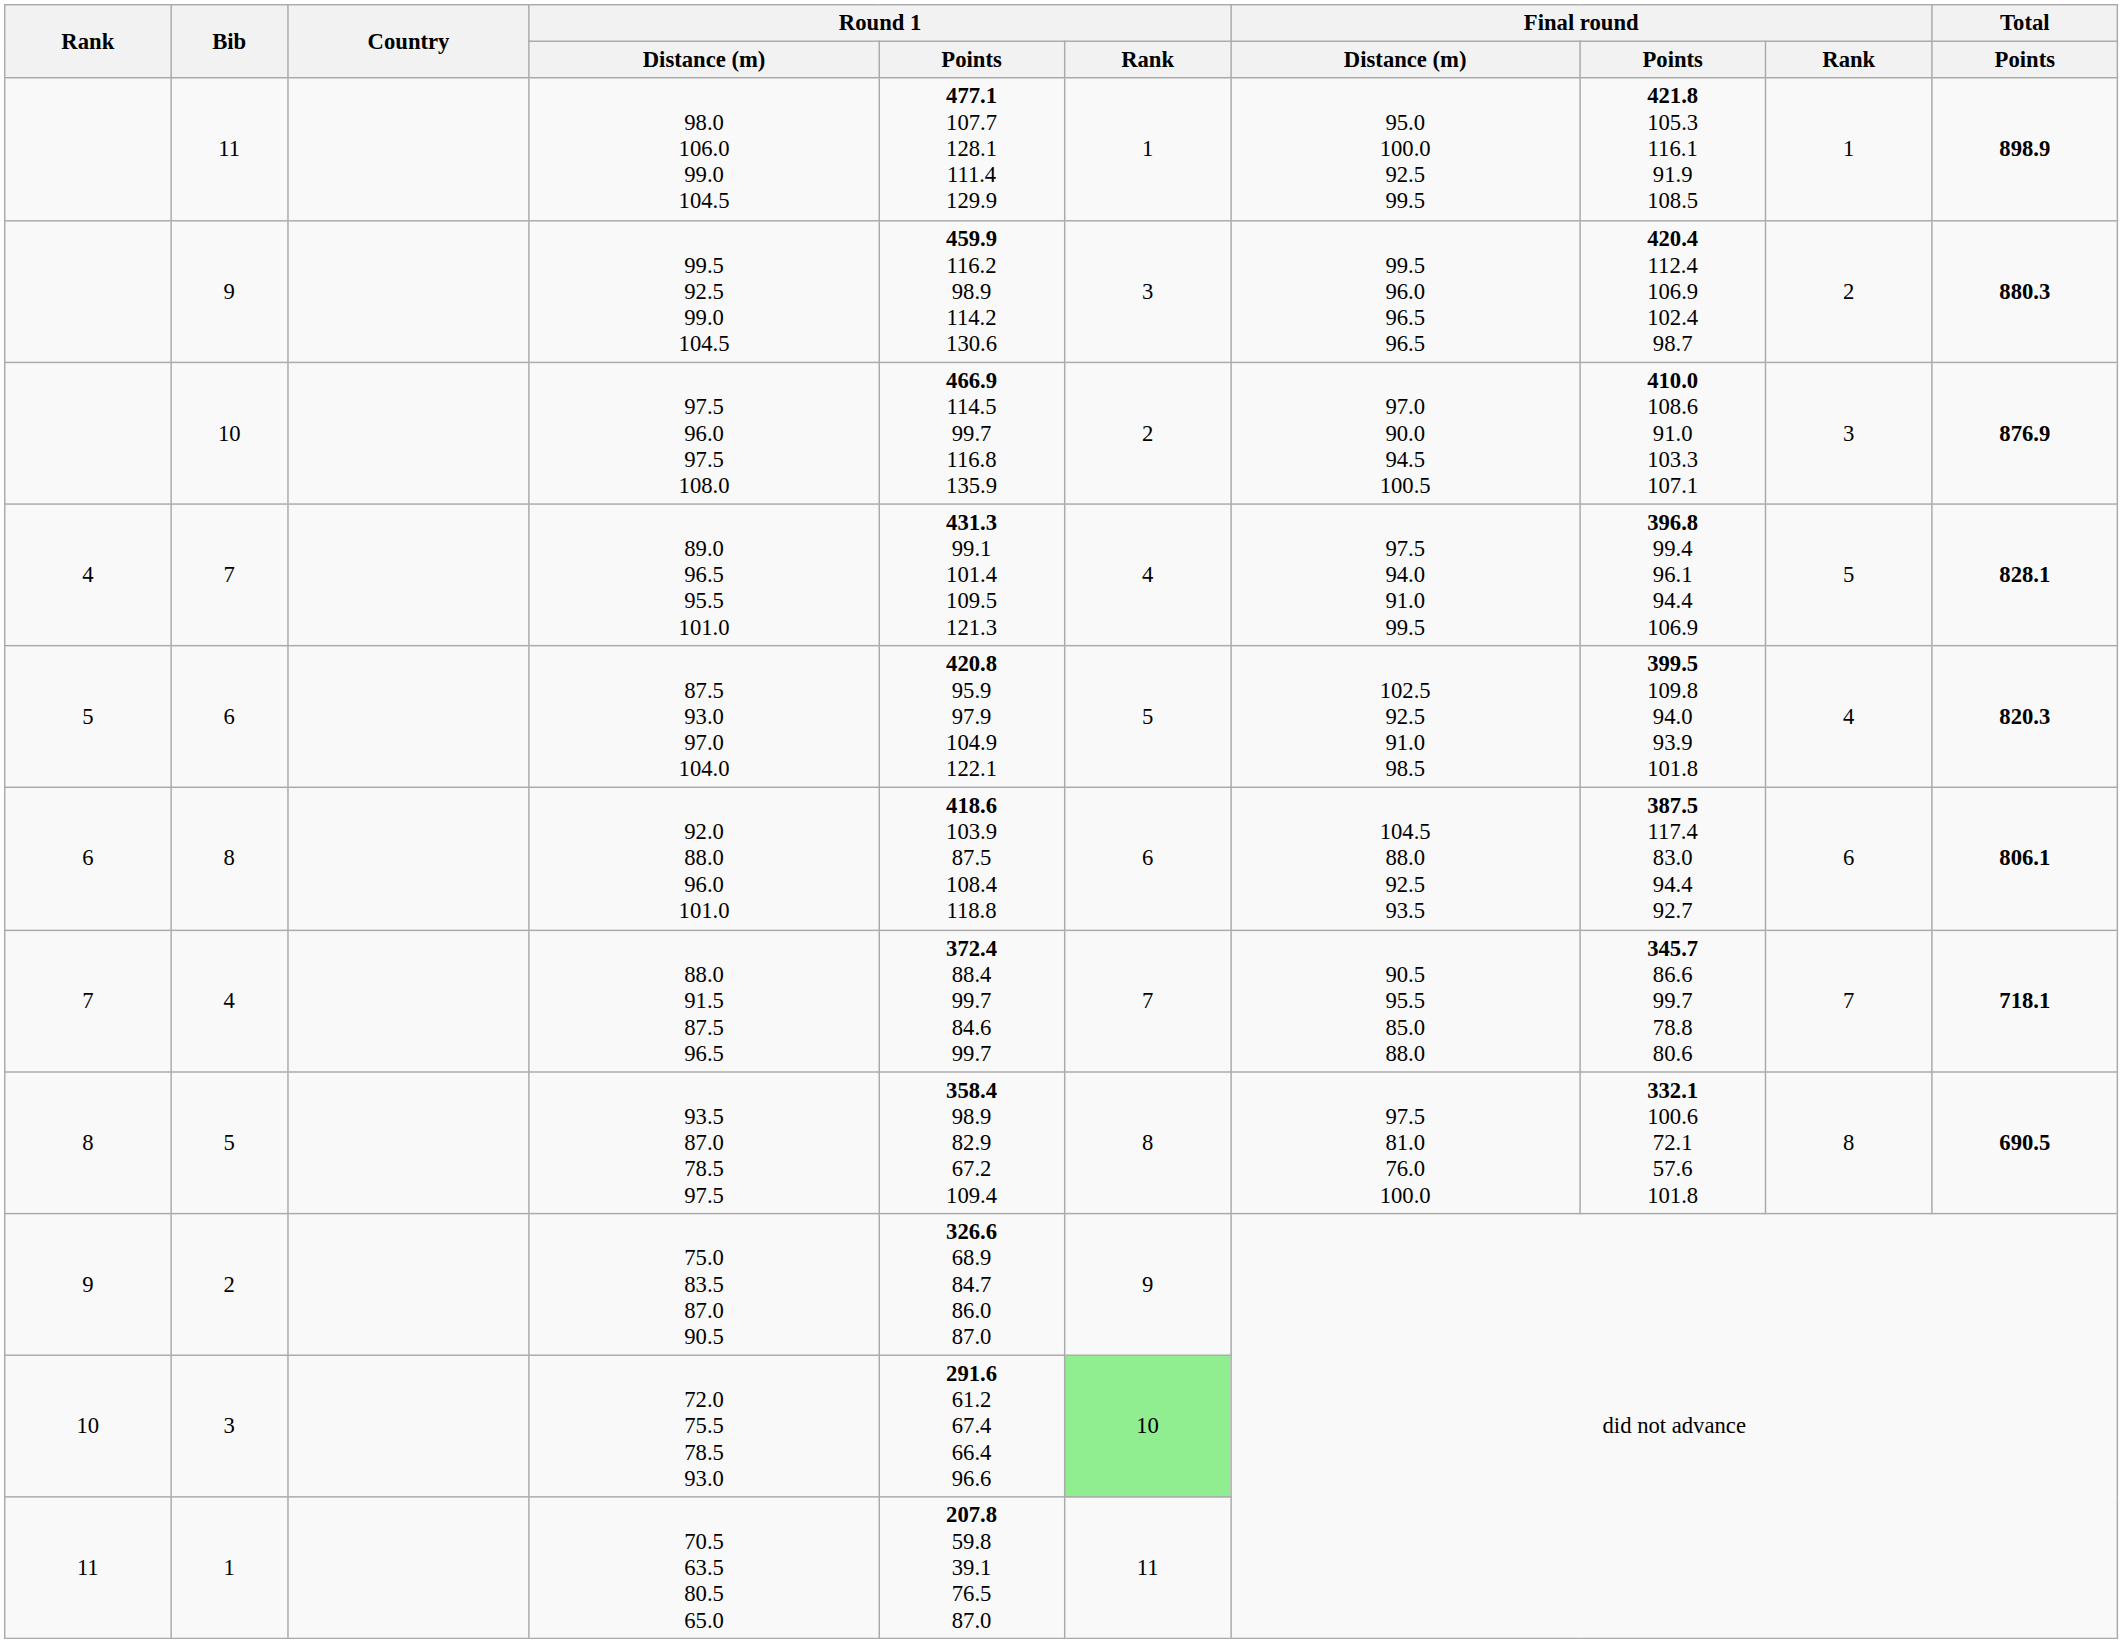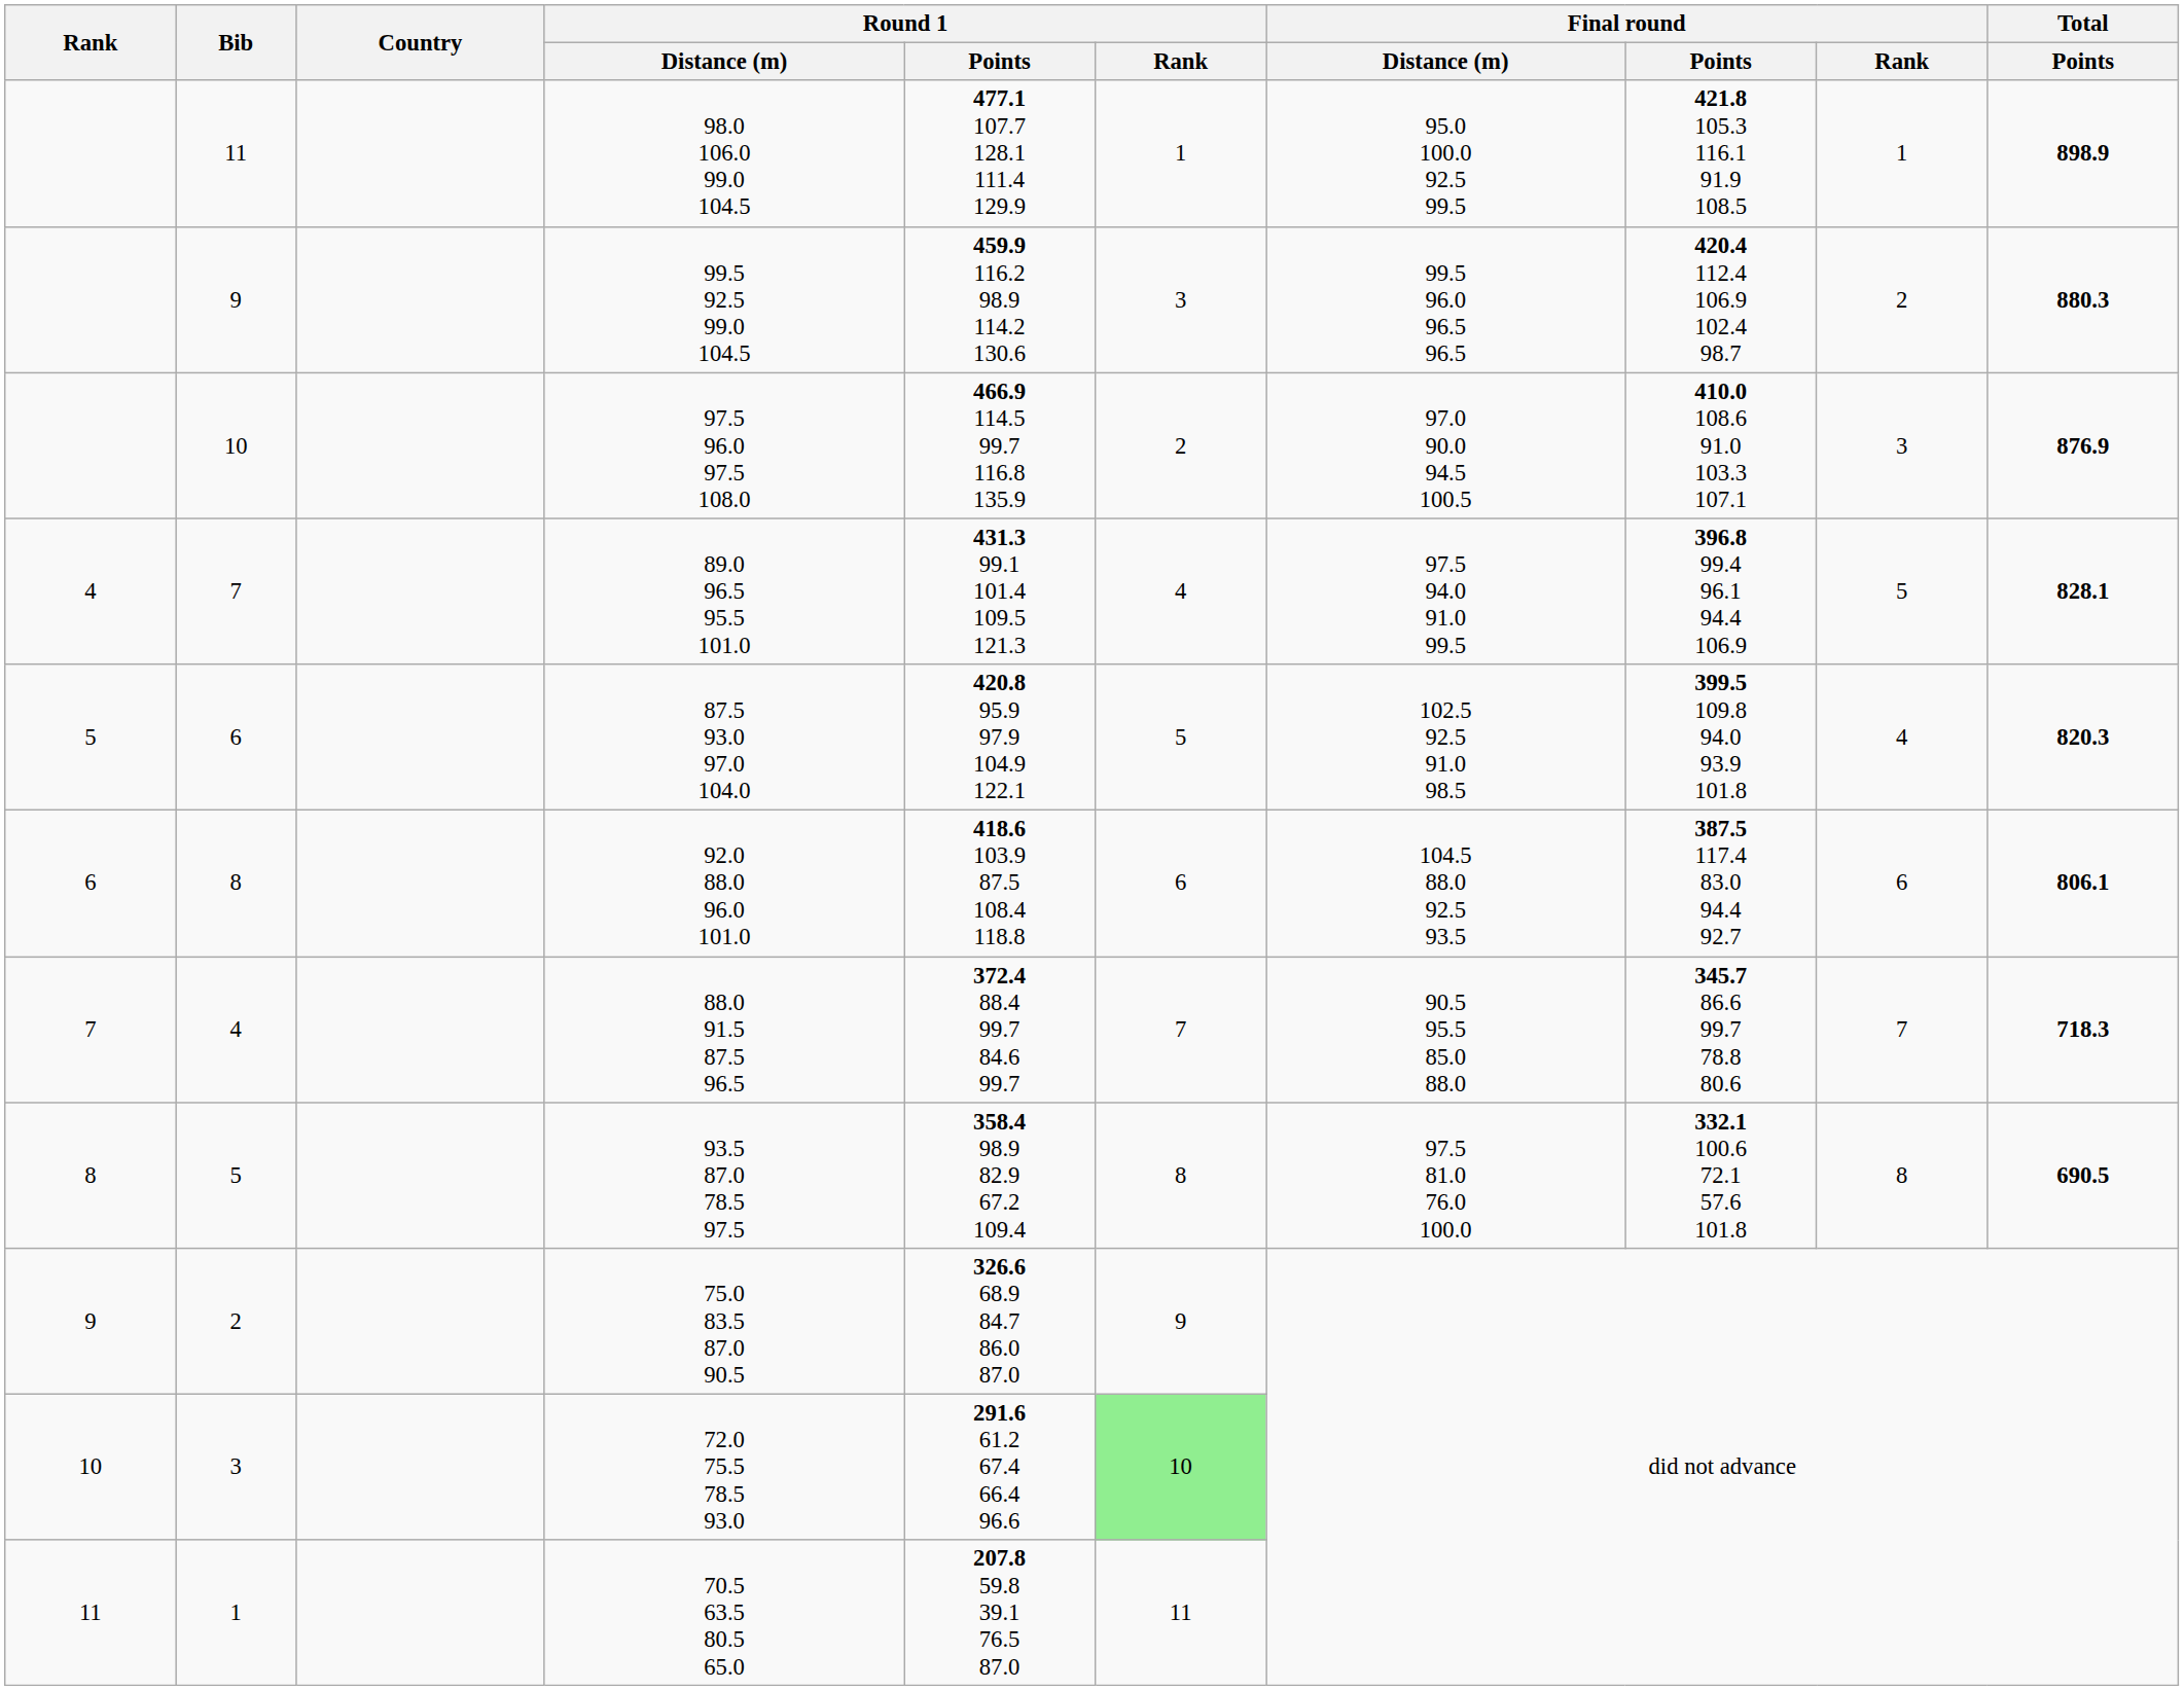 <table class="wikitable sortable" style="text-align:center;font-size:97%" width=73%>
 <tr>
 <th rowspan=2>Rank</th>
 <th rowspan=2>Bib</th>
 <th rowspan=2>Country</th>
 <th colspan=3>Round 1</th>
 <th colspan=3>Final round</th>
 <th>Total</th>
 </tr>
 <tr>
 <th>Distance (m)</th>
 <th>Points</th>
 <th>Rank</th>
 <th>Distance (m)</th>
 <th>Points</th>
 <th>Rank</th>
 <th>Points</th>
 </tr>
 <tr>
 <td></td>
 <td>11</td>
 <td align=left><br></td>
 <td><br>98.0<br>106.0<br>99.0<br>104.5</td>
 <td><strong>477.1</strong><br>107.7<br>128.1<br>111.4<br>129.9</td>
 <td>1</td>
 <td><br>95.0<br>100.0<br>92.5<br>99.5</td>
 <td><strong>421.8</strong><br>105.3<br>116.1<br>91.9<br>108.5</td>
 <td>1</td>
 <td><strong>898.9</strong></td>
 </tr>
 <tr>
 <td></td>
 <td>9</td>
 <td align=left><br></td>
 <td><br>99.5<br>92.5<br>99.0<br>104.5</td>
 <td><strong>459.9</strong><br>116.2<br>98.9<br>114.2<br>130.6</td>
 <td>3</td>
 <td><br>99.5<br>96.0<br>96.5<br>96.5</td>
 <td><strong>420.4</strong><br>112.4<br>106.9<br>102.4<br>98.7</td>
 <td>2</td>
 <td><strong>880.3</strong></td>
 </tr>
 <tr>
 <td></td>
 <td>10</td>
 <td align=left><br></td>
 <td><br>97.5<br>96.0<br>97.5<br>108.0</td>
 <td><strong>466.9</strong><br>114.5<br>99.7<br>116.8<br>135.9</td>
 <td>2</td>
 <td><br>97.0<br>90.0<br>94.5<br>100.5</td>
 <td><strong>410.0</strong><br>108.6<br>91.0<br>103.3<br>107.1</td>
 <td>3</td>
 <td><strong>876.9</strong></td>
 </tr>
 <tr>
 <td>4</td>
 <td>7</td>
 <td align=left><br></td>
 <td><br>89.0<br>96.5<br>95.5<br>101.0</td>
 <td><strong>431.3</strong><br>99.1<br>101.4<br>109.5<br>121.3</td>
 <td>4</td>
 <td><br>97.5<br>94.0<br>91.0<br>99.5</td>
 <td><strong>396.8</strong><br>99.4<br>96.1<br>94.4<br>106.9<br></td>
 <td>5</td>
 <td><strong>828.1</strong></td>
 </tr>
 <tr>
 <td>5</td>
 <td>6</td>
 <td align=left><br></td>
 <td><br>87.5<br>93.0<br>97.0<br>104.0</td>
 <td><strong>420.8</strong><br>95.9<br>97.9<br>104.9<br>122.1</td>
 <td>5</td>
 <td><br>102.5<br>92.5<br>91.0<br>98.5</td>
 <td><strong>399.5</strong><br>109.8<br>94.0<br>93.9<br>101.8</td>
 <td>4</td>
 <td><strong>820.3</strong></td>
 </tr>
 <tr>
 <td>6</td>
 <td>8</td>
 <td align=left><br></td>
 <td><br>92.0<br>88.0<br>96.0<br>101.0</td>
 <td><strong>418.6</strong><br>103.9<br>87.5<br>108.4<br>118.8</td>
 <td>6</td>
 <td><br>104.5<br>88.0<br>92.5<br>93.5</td>
 <td><strong>387.5</strong><br>117.4<br>83.0<br>94.4<br>92.7</td>
 <td>6</td>
 <td><strong>806.1</strong></td>
 </tr>
 <tr>
 <td>7</td>
 <td>4</td>
 <td align=left><br></td>
 <td><br>88.0<br>91.5<br>87.5<br>96.5</td>
 <td><strong>372.4</strong><br>88.4<br>99.7<br>84.6<br>99.7</td>
 <td>7</td>
 <td><br>90.5<br>95.5<br>85.0<br>88.0</td>
 <td><strong>345.7</strong><br>86.6<br>99.7<br>78.8<br>80.6</td>
 <td>7</td>
-<td><strong>718.1</strong></td>
+<td><strong>718.3</strong></td>
 </tr>
 <tr>
 <td>8</td>
 <td>5</td>
 <td align=left><br></td>
 <td><br>93.5<br>87.0<br>78.5<br>97.5</td>
 <td><strong>358.4</strong><br>98.9<br>82.9<br>67.2<br>109.4</td>
 <td>8</td>
 <td><br>97.5<br>81.0<br>76.0<br>100.0</td>
 <td><strong>332.1</strong><br>100.6<br>72.1<br>57.6<br>101.8</td>
 <td>8</td>
 <td><strong>690.5</strong></td>
 </tr>
 <tr>
 <td>9</td>
 <td>2</td>
 <td align=left><br></td>
 <td><br>75.0<br>83.5<br>87.0<br>90.5</td>
 <td><strong>326.6</strong><br>68.9<br>84.7<br>86.0<br>87.0</td>
 <td>9</td>
 <td rowspan=3 colspan=4>did not advance</td>
 </tr>
 <tr>
 <td>10</td>
 <td>3</td>
 <td align=left><br></td>
 <td><br>72.0<br>75.5<br>78.5<br>93.0</td>
 <td><strong>291.6</strong><br>61.2<br>67.4<br>66.4<br>96.6</td>
 <td style="background: lightgreen;">10</td>
 </tr>
 <tr>
 <td>11</td>
 <td>1</td>
 <td align=left><br></td>
 <td><br>70.5<br>63.5<br>80.5<br>65.0</td>
 <td><strong>207.8</strong><br>59.8<br>39.1<br>76.5<br>87.0</td>
 <td>11</td>
 </tr>
 </table>
